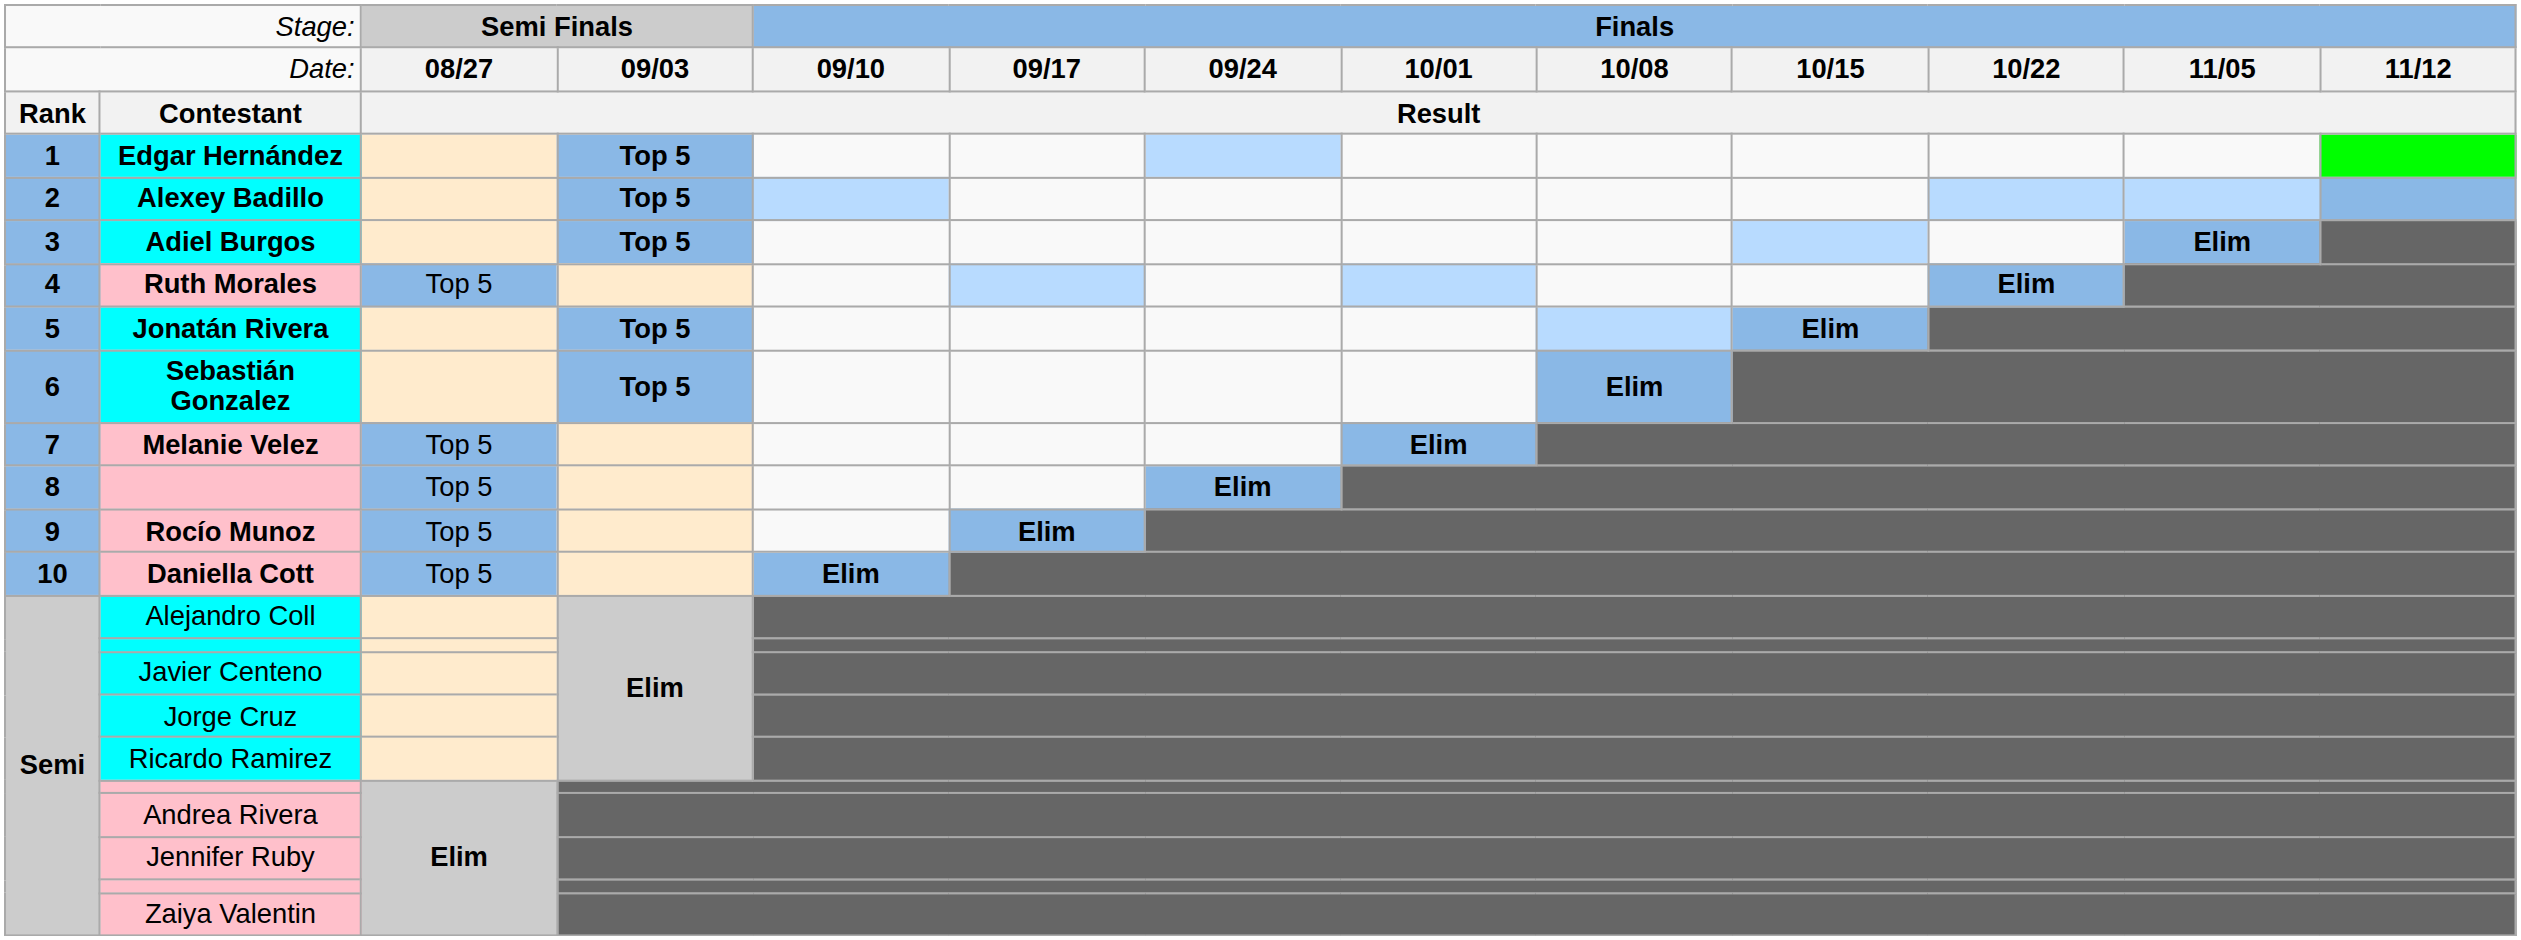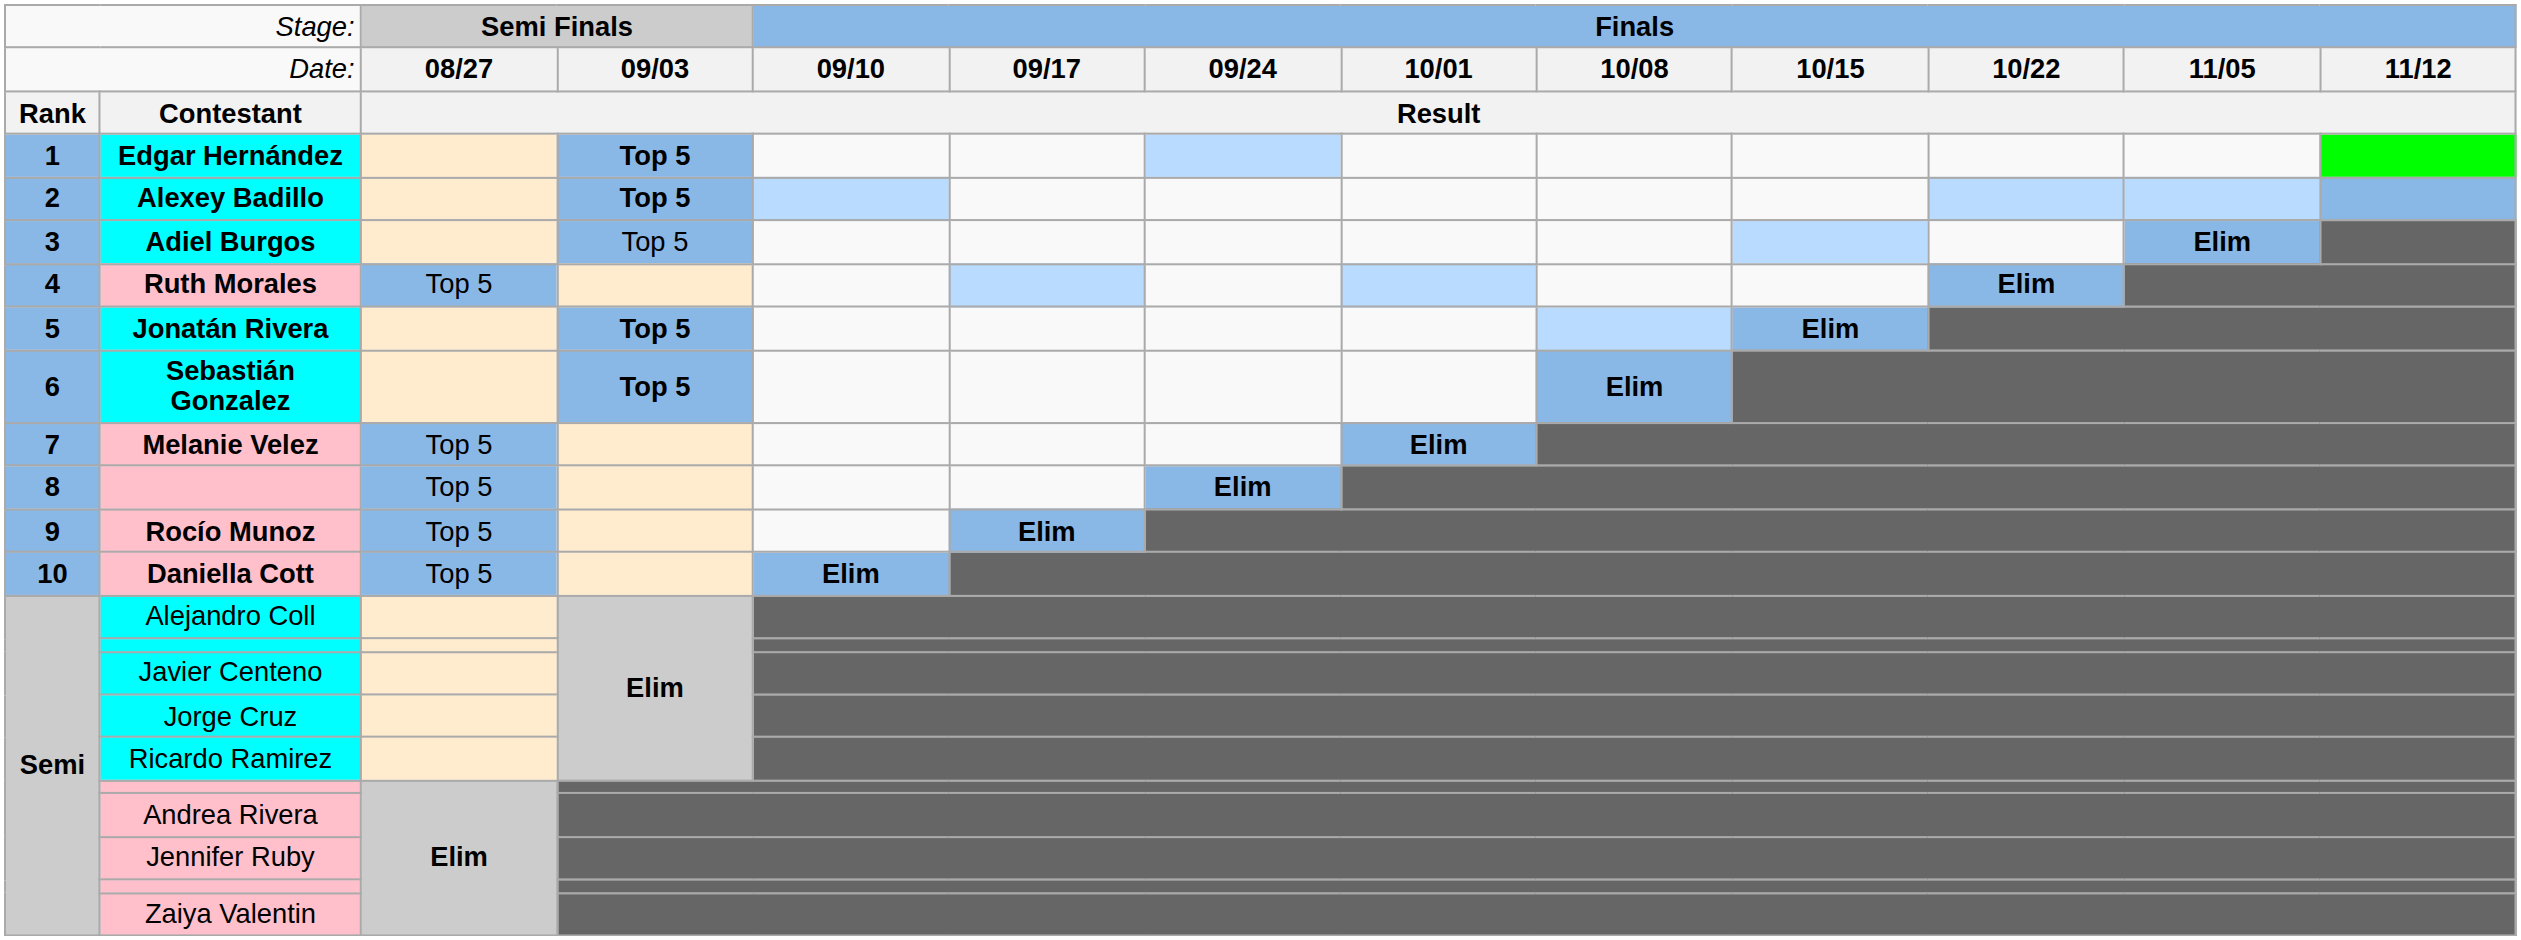 <table class="wikitable" style="text-align:center; font-size:85%">
 <tr>
 <td colspan="2" style="text-align:right;"><em>Stage:</em></td>
 <td colspan="2" bgcolor="CCCCCC"><strong>Semi Finals</strong></td>
 <td colspan="9" style="background:#8ab8e6;"><strong>Finals</strong></td>
 </tr>
 <tr>
 <td colspan="2" style="text-align:right;"><em>Date:</em></td>
 <th width=6%>08/27</th>
 <th width=6%>09/03</th>
 <th width=6%>09/10</th>
 <th width=6%>09/17</th>
 <th width=6%>09/24</th>
 <th width=6%>10/01</th>
 <th width=6%>10/08</th>
 <th width=6%>10/15</th>
 <th width=6%>10/22</th>
 <th width=6%>11/05</th>
 <th width=6%>11/12</th>
 </tr>
 <tr>
 <th width=2%>Rank</th>
 <th width=8%>Contestant</th>
 <th colspan="11">Result</th>
 </tr>
 <tr>
 <td style="background:#8ab8e6;"><strong>1</strong></td>
 <td bgcolor="cyan"><strong>Edgar Hernández</strong></td>
 <td style="background:#FFEBCD;"></td>
 <td style="background:#8ab8e6;"><strong>Top 5</strong></td>
 <td></td>
 <td></td>
 <td style="background:#b8dbff;"></td>
 <td></td>
 <td></td>
 <td></td>
 <td></td>
 <td></td>
 <td style="background:#00FF00;"></td>
 </tr>
 <tr>
 <td style="background:#8ab8e6;"><strong>2</strong></td>
 <td bgcolor="cyan"><strong>Alexey Badillo</strong></td>
 <td style="background:#FFEBCD;"></td>
 <td style="background:#8ab8e6;"><strong>Top 5</strong></td>
 <td style="background:#b8dbff;"></td>
 <td></td>
 <td></td>
 <td></td>
 <td></td>
 <td></td>
 <td style="background:#b8dbff;"></td>
 <td style="background:#b8dbff;"></td>
 <td style="background:#8ab8e6;"></td>
 </tr>
 <tr>
 <td style="background:#8ab8e6;"><strong>3</strong></td>
 <td bgcolor="cyan"><strong>Adiel Burgos</strong></td>
 <td style="background:#FFEBCD;"></td>
-<td style="background:#8ab8e6;"><strong>Top 5</strong></td>
+<td style="background:#8ab8e6;">Top 5</td>
 <td></td>
 <td></td>
 <td></td>
 <td></td>
 <td></td>
 <td style="background:#b8dbff;"></td>
 <td></td>
 <td style="background:#8ab8e6;"><strong>Elim</strong></td>
 <td bgcolor="666666"></td>
 </tr>
 <tr>
 <td style="background:#8ab8e6;"><strong>4</strong></td>
 <td bgcolor="pink"><strong>Ruth Morales</strong></td>
 <td style="background:#8ab8e6;">Top 5</td>
 <td style="background:#FFEBCD;"></td>
 <td></td>
 <td style="background:#b8dbff;"></td>
 <td></td>
 <td style="background:#b8dbff;"></td>
 <td></td>
 <td></td>
 <td style="background:#8ab8e6;"><strong>Elim</strong></td>
 <td colspan="2" bgcolor="666666"></td>
 </tr>
 <tr>
 <td style="background:#8ab8e6;"><strong>5</strong></td>
 <td bgcolor="cyan"><strong>Jonatán Rivera</strong></td>
 <td style="background:#FFEBCD;"></td>
 <td style="background:#8ab8e6;"><strong>Top 5</strong></td>
 <td></td>
 <td></td>
 <td></td>
 <td></td>
 <td style="background:#b8dbff;"></td>
 <td style="background:#8ab8e6;"><strong>Elim</strong></td>
 <td colspan="3" bgcolor="666666"></td>
 </tr>
 <tr>
 <td style="background:#8ab8e6;"><strong>6</strong></td>
 <td bgcolor="cyan"><strong>Sebastián Gonzalez</strong></td>
 <td style="background:#FFEBCD;"></td>
 <td style="background:#8ab8e6;"><strong>Top 5</strong></td>
 <td></td>
 <td></td>
 <td></td>
 <td></td>
 <td style="background:#8ab8e6;"><strong>Elim</strong></td>
 <td colspan="4" bgcolor="666666"></td>
 </tr>
 <tr>
 <td style="background:#8ab8e6;"><strong>7</strong></td>
 <td bgcolor="pink"><strong>Melanie Velez</strong></td>
 <td style="background:#8ab8e6;">Top 5</td>
 <td style="background:#FFEBCD;"></td>
 <td></td>
 <td></td>
 <td></td>
 <td style="background:#8ab8e6;"><strong>Elim</strong></td>
 <td colspan="5" bgcolor="666666"></td>
 </tr>
 <tr>
 <td style="background:#8ab8e6;"><strong>8</strong></td>
 <td bgcolor="pink"><strong></strong></td>
 <td style="background:#8ab8e6;">Top 5</td>
 <td style="background:#FFEBCD;"></td>
 <td></td>
 <td></td>
 <td style="background:#8ab8e6;"><strong>Elim</strong></td>
 <td colspan="6" bgcolor="666666"></td>
 </tr>
 <tr>
 <td style="background:#8ab8e6;"><strong>9</strong></td>
 <td bgcolor="pink"><strong>Rocío Munoz</strong></td>
 <td style="background:#8ab8e6;">Top 5</td>
 <td style="background:#FFEBCD;"></td>
 <td></td>
 <td style="background:#8ab8e6;"><strong>Elim</strong></td>
 <td colspan="7" bgcolor="666666"></td>
 </tr>
 <tr>
 <td style="background:#8ab8e6;"><strong>10</strong></td>
 <td bgcolor="pink"><strong>Daniella Cott</strong></td>
 <td style="background:#8ab8e6;">Top 5</td>
 <td style="background:#FFEBCD;"></td>
 <td style="background:#8ab8e6;"><strong>Elim</strong></td>
 <td colspan="8" bgcolor="666666"></td>
 </tr>
 <tr>
 <td bgcolor="CCCCCC" align="center" rowspan="10"><strong>Semi</strong></td>
 <td bgcolor="cyan">Alejandro Coll</td>
 <td style="background:#FFEBCD;"></td>
 <td bgcolor="#CCCCCC" align="center" rowspan=5><strong>Elim</strong></td>
 <td colspan="9" bgcolor="666666"></td>
 </tr>
 <tr>
 <td bgcolor="cyan"></td>
 <td style="background:#FFEBCD;"></td>
 <td colspan="9" bgcolor="666666"></td>
 </tr>
 <tr>
 <td bgcolor="cyan">Javier Centeno</td>
 <td style="background:#FFEBCD;"></td>
 <td colspan="9" bgcolor="666666"></td>
 </tr>
 <tr>
 <td bgcolor="cyan">Jorge Cruz</td>
 <td style="background:#FFEBCD;"></td>
 <td colspan="9" bgcolor="666666"></td>
 </tr>
 <tr>
 <td bgcolor="cyan">Ricardo Ramirez</td>
 <td style="background:#FFEBCD;"></td>
 <td colspan="9" bgcolor="666666"></td>
 </tr>
 <tr>
 <td bgcolor="pink"></td>
 <td bgcolor="#CCCCCC" align="center" rowspan=5><strong>Elim</strong></td>
 <td colspan="10" bgcolor="666666"></td>
 </tr>
 <tr>
 <td bgcolor="pink">Andrea Rivera</td>
 <td colspan="10" bgcolor="666666"></td>
 </tr>
 <tr>
 <td bgcolor="pink">Jennifer Ruby</td>
 <td colspan="10" bgcolor="666666"></td>
 </tr>
 <tr>
 <td bgcolor="pink"></td>
 <td colspan="10" bgcolor="666666"></td>
 </tr>
 <tr>
 <td bgcolor="pink">Zaiya Valentin</td>
 <td colspan="10" bgcolor="666666"></td>
 </tr>
 <tr>
 </tr>
 </table>
